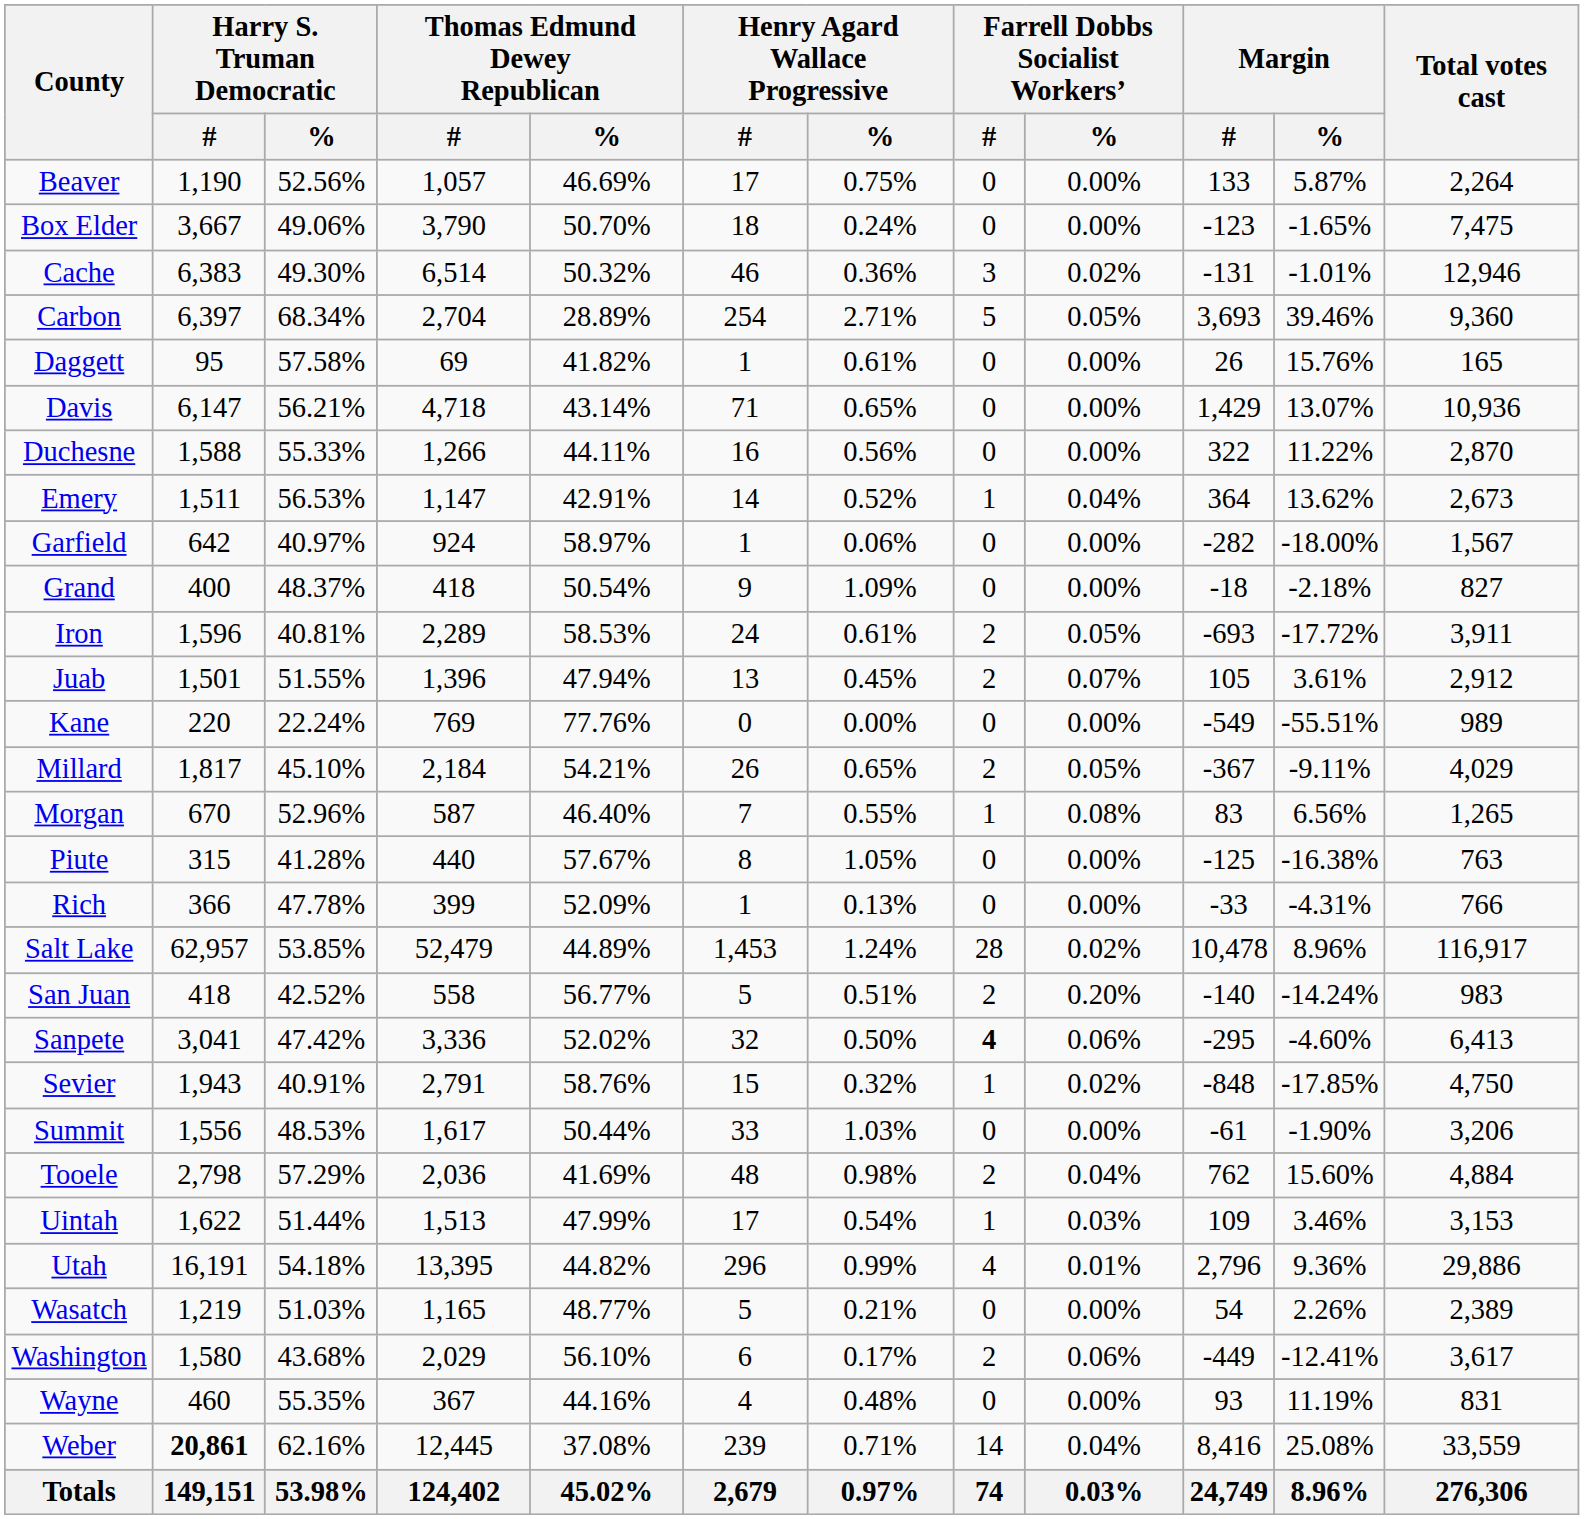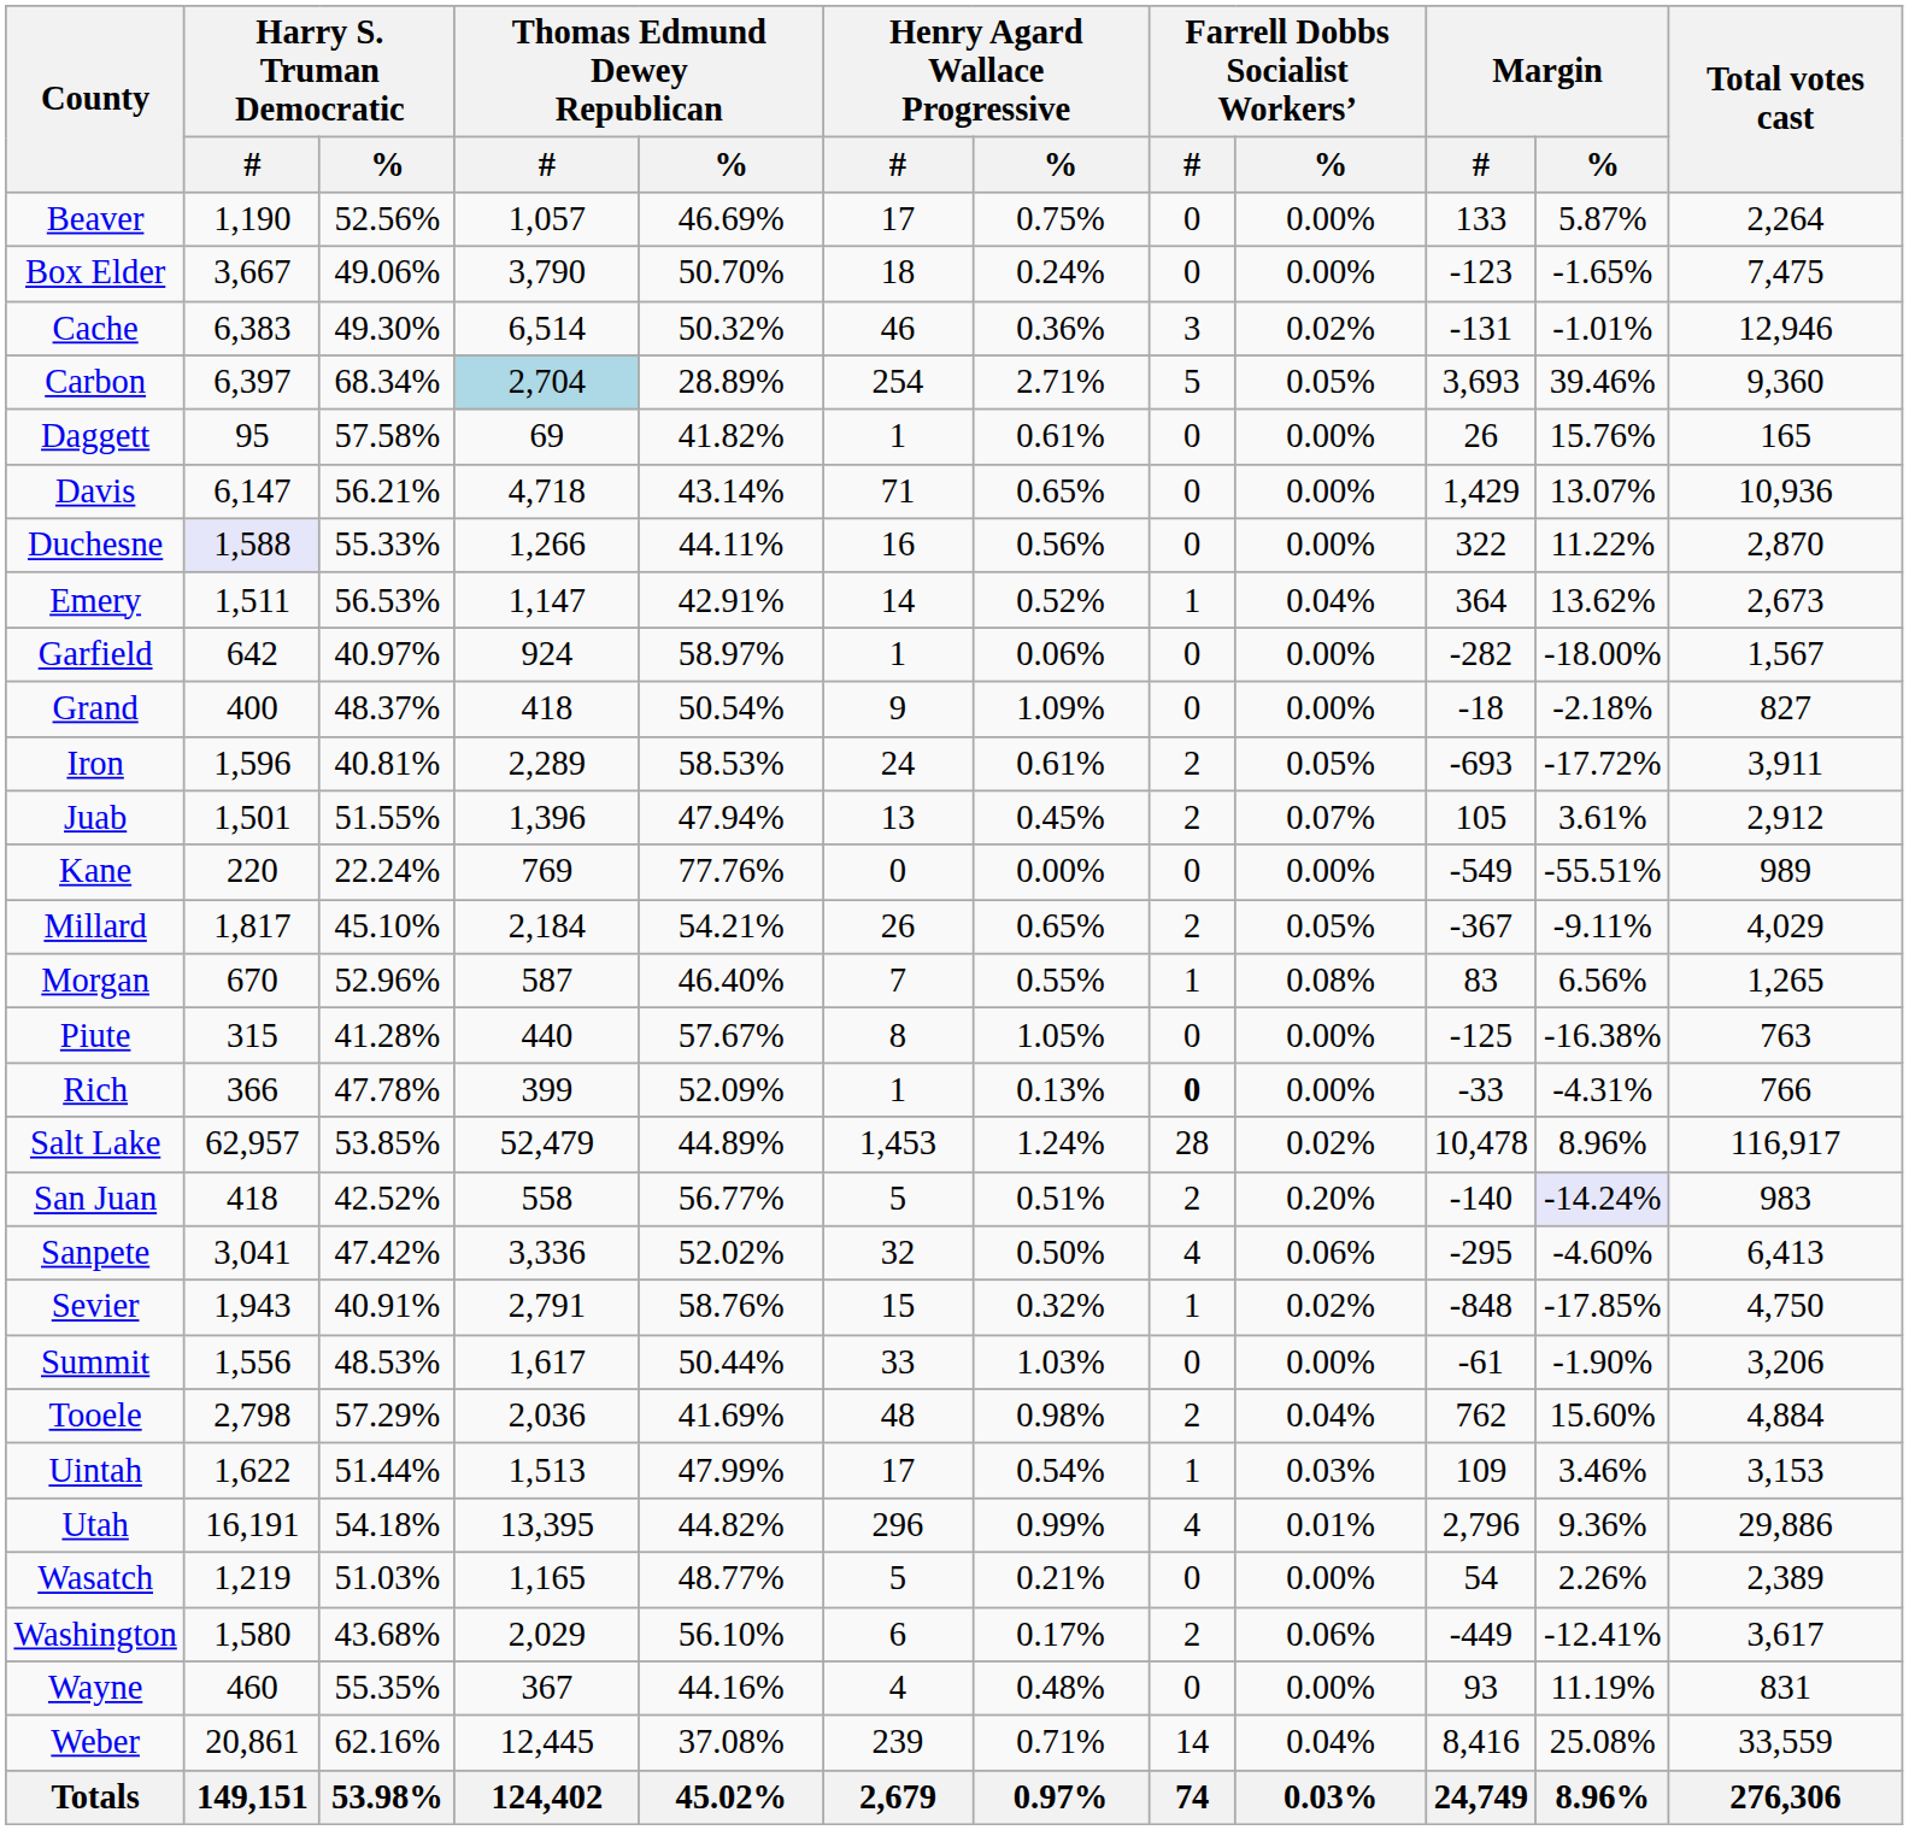 <table width="70%"  class="wikitable sortable" style="text-align:center">
 <tr>
 <th colspan="1" rowspan="2">County</th>
 <th style="text-align:center;" colspan="2">Harry S. Truman<br>Democratic</th>
 <th style="text-align:center;" colspan="2">Thomas Edmund Dewey<br>Republican</th>
 <th style="text-align:center;" colspan="2">Henry Agard Wallace<br>Progressive</th>
 <th style="text-align:center;" colspan="2">Farrell Dobbs<br>Socialist Workers’</th>
 <th style="text-align:center;" colspan="2">Margin</th>
 <th colspan="1" rowspan="2" style="text-align:center;">Total votes cast</th>
 </tr>
 <tr>
 <th style="text-align:center;" data-sort-type="number">#</th>
 <th style="text-align:center;" data-sort-type="number">%</th>
 <th style="text-align:center;" data-sort-type="number">#</th>
 <th style="text-align:center;" data-sort-type="number">%</th>
 <th style="text-align:center;" data-sort-type="number">#</th>
 <th style="text-align:center;" data-sort-type="number">%</th>
 <th style="text-align:center;" data-sort-type="number">#</th>
 <th style="text-align:center;" data-sort-type="number">%</th>
 <th style="text-align:center;" data-sort-type="number">#</th>
 <th style="text-align:center;" data-sort-type="number">%</th>
 </tr>
 <tr style="text-align:center;">
 <td><a href='#'>Beaver</a></td>
 <td>1,190</td>
 <td>52.56%</td>
 <td>1,057</td>
 <td>46.69%</td>
 <td>17</td>
 <td>0.75%</td>
 <td>0</td>
 <td>0.00%</td>
 <td>133</td>
 <td>5.87%</td>
 <td>2,264</td>
 </tr>
 <tr style="text-align:center;">
 <td><a href='#'>Box Elder</a></td>
 <td>3,667</td>
 <td>49.06%</td>
 <td>3,790</td>
 <td>50.70%</td>
 <td>18</td>
 <td>0.24%</td>
 <td>0</td>
 <td>0.00%</td>
 <td>-123</td>
 <td>-1.65%</td>
 <td>7,475</td>
 </tr>
 <tr style="text-align:center;">
 <td><a href='#'>Cache</a></td>
 <td>6,383</td>
 <td>49.30%</td>
 <td>6,514</td>
 <td>50.32%</td>
 <td>46</td>
 <td>0.36%</td>
 <td>3</td>
 <td>0.02%</td>
 <td>-131</td>
 <td>-1.01%</td>
 <td>12,946</td>
 </tr>
 <tr style="text-align:center;">
 <td><a href='#'>Carbon</a></td>
 <td>6,397</td>
 <td>68.34%</td>
-<td>2,704</td>
+<td style="background: lightblue;">2,704</td>
 <td>28.89%</td>
 <td>254</td>
 <td>2.71%</td>
 <td>5</td>
 <td>0.05%</td>
 <td>3,693</td>
 <td>39.46%</td>
 <td>9,360</td>
 </tr>
 <tr style="text-align:center;">
 <td><a href='#'>Daggett</a></td>
 <td>95</td>
 <td>57.58%</td>
 <td>69</td>
 <td>41.82%</td>
 <td>1</td>
 <td>0.61%</td>
 <td>0</td>
 <td>0.00%</td>
 <td>26</td>
 <td>15.76%</td>
 <td>165</td>
 </tr>
 <tr style="text-align:center;">
 <td><a href='#'>Davis</a></td>
 <td>6,147</td>
 <td>56.21%</td>
 <td>4,718</td>
 <td>43.14%</td>
 <td>71</td>
 <td>0.65%</td>
 <td>0</td>
 <td>0.00%</td>
 <td>1,429</td>
 <td>13.07%</td>
 <td>10,936</td>
 </tr>
 <tr style="text-align:center;">
 <td><a href='#'>Duchesne</a></td>
-<td>1,588</td>
+<td style="background: lavender;">1,588</td>
 <td>55.33%</td>
 <td>1,266</td>
 <td>44.11%</td>
 <td>16</td>
 <td>0.56%</td>
 <td>0</td>
 <td>0.00%</td>
 <td>322</td>
 <td>11.22%</td>
 <td>2,870</td>
 </tr>
 <tr style="text-align:center;">
 <td><a href='#'>Emery</a></td>
 <td>1,511</td>
 <td>56.53%</td>
 <td>1,147</td>
 <td>42.91%</td>
 <td>14</td>
 <td>0.52%</td>
 <td>1</td>
 <td>0.04%</td>
 <td>364</td>
 <td>13.62%</td>
 <td>2,673</td>
 </tr>
 <tr style="text-align:center;">
 <td><a href='#'>Garfield</a></td>
 <td>642</td>
 <td>40.97%</td>
 <td>924</td>
 <td>58.97%</td>
 <td>1</td>
 <td>0.06%</td>
 <td>0</td>
 <td>0.00%</td>
 <td>-282</td>
 <td>-18.00%</td>
 <td>1,567</td>
 </tr>
 <tr style="text-align:center;">
 <td><a href='#'>Grand</a></td>
 <td>400</td>
 <td>48.37%</td>
 <td>418</td>
 <td>50.54%</td>
 <td>9</td>
 <td>1.09%</td>
 <td>0</td>
 <td>0.00%</td>
 <td>-18</td>
 <td>-2.18%</td>
 <td>827</td>
 </tr>
 <tr style="text-align:center;">
 <td><a href='#'>Iron</a></td>
 <td>1,596</td>
 <td>40.81%</td>
 <td>2,289</td>
 <td>58.53%</td>
 <td>24</td>
 <td>0.61%</td>
 <td>2</td>
 <td>0.05%</td>
 <td>-693</td>
 <td>-17.72%</td>
 <td>3,911</td>
 </tr>
 <tr style="text-align:center;">
 <td><a href='#'>Juab</a></td>
 <td>1,501</td>
 <td>51.55%</td>
 <td>1,396</td>
 <td>47.94%</td>
 <td>13</td>
 <td>0.45%</td>
 <td>2</td>
 <td>0.07%</td>
 <td>105</td>
 <td>3.61%</td>
 <td>2,912</td>
 </tr>
 <tr style="text-align:center;">
 <td><a href='#'>Kane</a></td>
 <td>220</td>
 <td>22.24%</td>
 <td>769</td>
 <td>77.76%</td>
 <td>0</td>
 <td>0.00%</td>
 <td>0</td>
 <td>0.00%</td>
 <td>-549</td>
 <td>-55.51%</td>
 <td>989</td>
 </tr>
 <tr style="text-align:center;">
 <td><a href='#'>Millard</a></td>
 <td>1,817</td>
 <td>45.10%</td>
 <td>2,184</td>
 <td>54.21%</td>
 <td>26</td>
 <td>0.65%</td>
 <td>2</td>
 <td>0.05%</td>
 <td>-367</td>
 <td>-9.11%</td>
 <td>4,029</td>
 </tr>
 <tr style="text-align:center;">
 <td><a href='#'>Morgan</a></td>
 <td>670</td>
 <td>52.96%</td>
 <td>587</td>
 <td>46.40%</td>
 <td>7</td>
 <td>0.55%</td>
 <td>1</td>
 <td>0.08%</td>
 <td>83</td>
 <td>6.56%</td>
 <td>1,265</td>
 </tr>
 <tr style="text-align:center;">
 <td><a href='#'>Piute</a></td>
 <td>315</td>
 <td>41.28%</td>
 <td>440</td>
 <td>57.67%</td>
 <td>8</td>
 <td>1.05%</td>
 <td>0</td>
 <td>0.00%</td>
 <td>-125</td>
 <td>-16.38%</td>
 <td>763</td>
 </tr>
 <tr style="text-align:center;">
 <td><a href='#'>Rich</a></td>
 <td>366</td>
 <td>47.78%</td>
 <td>399</td>
 <td>52.09%</td>
 <td>1</td>
 <td>0.13%</td>
-<td>0</td>
+<td><strong>0</strong></td>
 <td>0.00%</td>
 <td>-33</td>
 <td>-4.31%</td>
 <td>766</td>
 </tr>
 <tr style="text-align:center;">
 <td><a href='#'>Salt Lake</a></td>
 <td>62,957</td>
 <td>53.85%</td>
 <td>52,479</td>
 <td>44.89%</td>
 <td>1,453</td>
 <td>1.24%</td>
 <td>28</td>
 <td>0.02%</td>
 <td>10,478</td>
 <td>8.96%</td>
 <td>116,917</td>
 </tr>
 <tr style="text-align:center;">
 <td><a href='#'>San Juan</a></td>
 <td>418</td>
 <td>42.52%</td>
 <td>558</td>
 <td>56.77%</td>
 <td>5</td>
 <td>0.51%</td>
 <td>2</td>
 <td>0.20%</td>
 <td>-140</td>
-<td>-14.24%</td>
+<td style="background: lavender;">-14.24%</td>
 <td>983</td>
 </tr>
 <tr style="text-align:center;">
 <td><a href='#'>Sanpete</a></td>
 <td>3,041</td>
 <td>47.42%</td>
 <td>3,336</td>
 <td>52.02%</td>
 <td>32</td>
 <td>0.50%</td>
-<td><strong>4</strong></td>
+<td>4</td>
 <td>0.06%</td>
 <td>-295</td>
 <td>-4.60%</td>
 <td>6,413</td>
 </tr>
 <tr style="text-align:center;">
 <td><a href='#'>Sevier</a></td>
 <td>1,943</td>
 <td>40.91%</td>
 <td>2,791</td>
 <td>58.76%</td>
 <td>15</td>
 <td>0.32%</td>
 <td>1</td>
 <td>0.02%</td>
 <td>-848</td>
 <td>-17.85%</td>
 <td>4,750</td>
 </tr>
 <tr style="text-align:center;">
 <td><a href='#'>Summit</a></td>
 <td>1,556</td>
 <td>48.53%</td>
 <td>1,617</td>
 <td>50.44%</td>
 <td>33</td>
 <td>1.03%</td>
 <td>0</td>
 <td>0.00%</td>
 <td>-61</td>
 <td>-1.90%</td>
 <td>3,206</td>
 </tr>
 <tr style="text-align:center;">
 <td><a href='#'>Tooele</a></td>
 <td>2,798</td>
 <td>57.29%</td>
 <td>2,036</td>
 <td>41.69%</td>
 <td>48</td>
 <td>0.98%</td>
 <td>2</td>
 <td>0.04%</td>
 <td>762</td>
 <td>15.60%</td>
 <td>4,884</td>
 </tr>
 <tr style="text-align:center;">
 <td><a href='#'>Uintah</a></td>
 <td>1,622</td>
 <td>51.44%</td>
 <td>1,513</td>
 <td>47.99%</td>
 <td>17</td>
 <td>0.54%</td>
 <td>1</td>
 <td>0.03%</td>
 <td>109</td>
 <td>3.46%</td>
 <td>3,153</td>
 </tr>
 <tr style="text-align:center;">
 <td><a href='#'>Utah</a></td>
 <td>16,191</td>
 <td>54.18%</td>
 <td>13,395</td>
 <td>44.82%</td>
 <td>296</td>
 <td>0.99%</td>
 <td>4</td>
 <td>0.01%</td>
 <td>2,796</td>
 <td>9.36%</td>
 <td>29,886</td>
 </tr>
 <tr style="text-align:center;">
 <td><a href='#'>Wasatch</a></td>
 <td>1,219</td>
 <td>51.03%</td>
 <td>1,165</td>
 <td>48.77%</td>
 <td>5</td>
 <td>0.21%</td>
 <td>0</td>
 <td>0.00%</td>
 <td>54</td>
 <td>2.26%</td>
 <td>2,389</td>
 </tr>
 <tr style="text-align:center;">
 <td><a href='#'>Washington</a></td>
 <td>1,580</td>
 <td>43.68%</td>
 <td>2,029</td>
 <td>56.10%</td>
 <td>6</td>
 <td>0.17%</td>
 <td>2</td>
 <td>0.06%</td>
 <td>-449</td>
 <td>-12.41%</td>
 <td>3,617</td>
 </tr>
 <tr style="text-align:center;">
 <td><a href='#'>Wayne</a></td>
 <td>460</td>
 <td>55.35%</td>
 <td>367</td>
 <td>44.16%</td>
 <td>4</td>
 <td>0.48%</td>
 <td>0</td>
 <td>0.00%</td>
 <td>93</td>
 <td>11.19%</td>
 <td>831</td>
 </tr>
 <tr style="text-align:center;">
 <td><a href='#'>Weber</a></td>
-<td><strong>20,861</strong></td>
+<td>20,861</td>
 <td>62.16%</td>
 <td>12,445</td>
 <td>37.08%</td>
 <td>239</td>
 <td>0.71%</td>
 <td>14</td>
 <td>0.04%</td>
 <td>8,416</td>
 <td>25.08%</td>
 <td>33,559</td>
 </tr>
 <tr style="text-align:center;">
 <th>Totals</th>
 <th>149,151</th>
 <th>53.98%</th>
 <th>124,402</th>
 <th>45.02%</th>
 <th>2,679</th>
 <th>0.97%</th>
 <th>74</th>
 <th>0.03%</th>
 <th>24,749</th>
 <th>8.96%</th>
 <th>276,306</th>
 </tr>
 </table>
